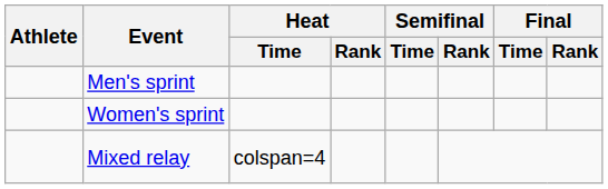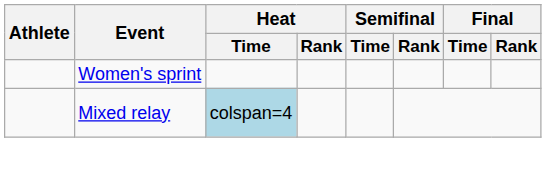 <table class="wikitable" style="font-size: 90%; text-align:center">
 <tr>
 <th rowspan=2>Athlete</th>
 <th rowspan=2>Event</th>
 <th colspan=2>Heat</th>
 <th colspan=2>Semifinal</th>
 <th colspan=2>Final</th>
 </tr>
 <tr style="font-size:95%">
 <th>Time</th>
 <th>Rank</th>
 <th>Time</th>
 <th>Rank</th>
 <th>Time</th>
 <th>Rank</th>
 </tr>
 <tr>
 <td align=left></td>
-<td align=left><a href='#'>Men's sprint</a></td>
-<td></td>
-<td></td>
-<td></td>
-<td></td>
-<td></td>
-<td></td>
-</tr>
-<tr>
-<td align=left></td>
 <td align=left><a href='#'>Women's sprint</a></td>
 <td></td>
 <td></td>
 <td></td>
 <td></td>
 <td></td>
 <td></td>
 </tr>
 <tr>
 <td align=left> <br> </td>
 <td align=left><a href='#'>Mixed relay</a></td>
-<td>colspan=4 </td>
+<td style="background: lightblue;">colspan=4 </td>
 <td></td>
 <td></td>
 </tr>
 </table>
